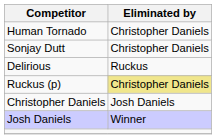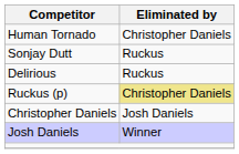 <table class="wikitable">
 <tr>
 <th>Competitor</th>
 <th>Eliminated by</th>
 </tr>
 <tr>
 <td>Human Tornado</td>
 <td>Christopher Daniels</td>
 </tr>
 <tr>
 <td>Sonjay Dutt</td>
-<td>Christopher Daniels</td>
+<td>Ruckus</td>
 </tr>
 <tr>
 <td>Delirious</td>
 <td>Ruckus</td>
 </tr>
 <tr>
 <td>Ruckus (p)</td>
 <td style="background: khaki;">Christopher Daniels</td>
 </tr>
 <tr>
 <td>Christopher Daniels</td>
 <td>Josh Daniels</td>
 </tr>
 <tr style="background: #CCCCFF;">
 <td>Josh Daniels</td>
 <td>Winner</td>
 </tr>
 <tr>
 <td colspan="2"></td>
 </tr>
 <tr>
 </tr>
 </table>
